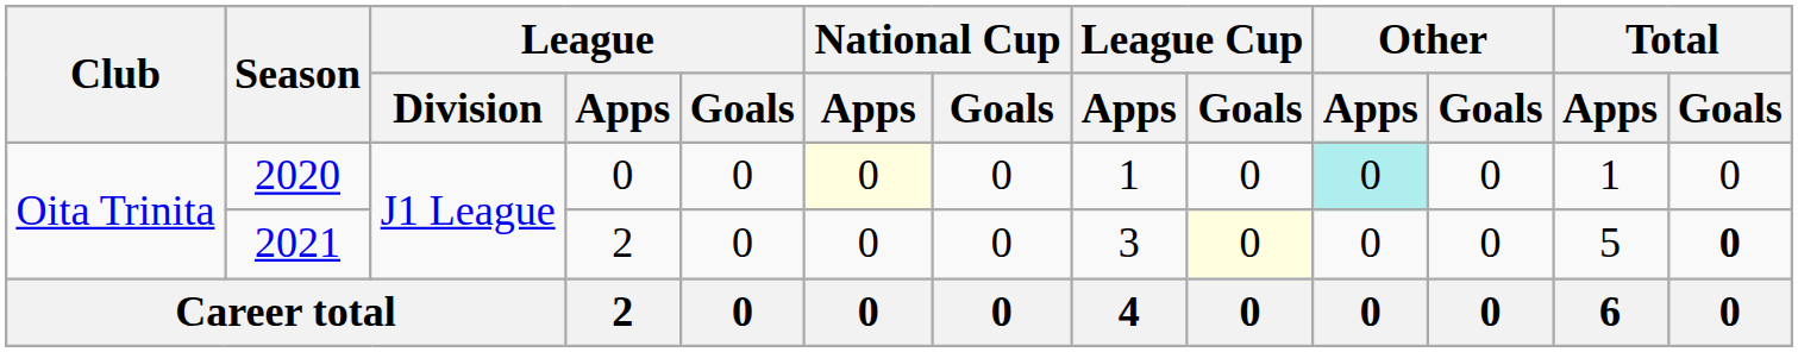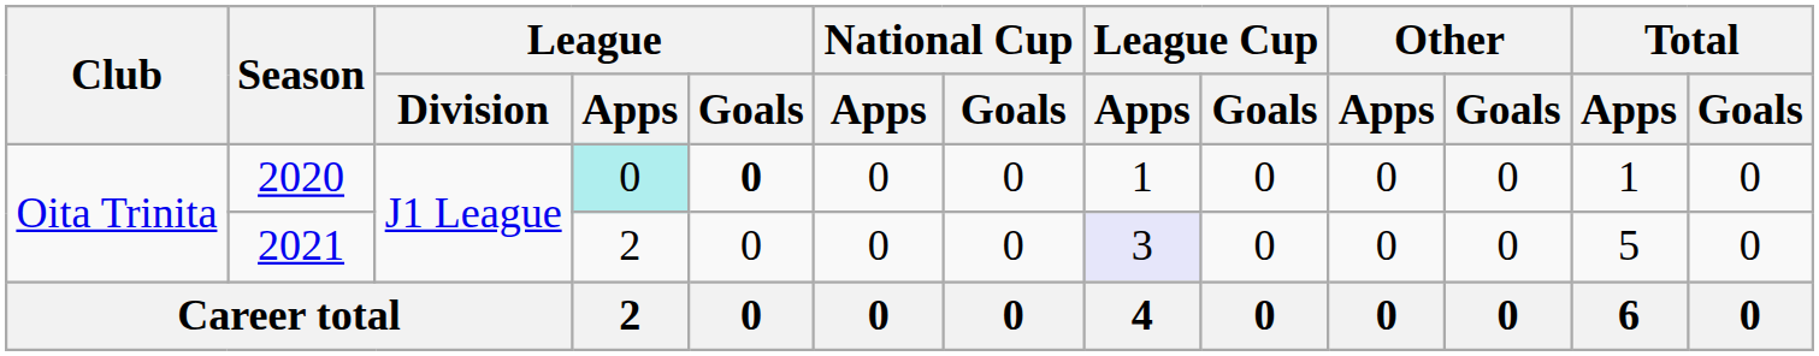 <table class="wikitable" style="text-align: center">
 <tr>
 <th rowspan="2">Club</th>
 <th rowspan="2">Season</th>
 <th colspan="3">League</th>
 <th colspan="2">National Cup</th>
 <th colspan="2">League Cup</th>
 <th colspan="2">Other</th>
 <th colspan="2">Total</th>
 </tr>
 <tr>
 <th>Division</th>
 <th>Apps</th>
 <th>Goals</th>
 <th>Apps</th>
 <th>Goals</th>
 <th>Apps</th>
 <th>Goals</th>
 <th>Apps</th>
 <th>Goals</th>
 <th>Apps</th>
 <th>Goals</th>
 </tr>
 <tr>
 <td rowspan="2"><a href='#'>Oita Trinita</a></td>
 <td><a href='#'>2020</a></td>
 <td rowspan="2"><a href='#'>J1 League</a></td>
+<td style="background: paleturquoise;">0</td>
+<td><strong>0</strong></td>
 <td>0</td>
-<td>0</td>
-<td style="background: lightyellow;">0</td>
 <td>0</td>
 <td>1</td>
 <td>0</td>
-<td style="background: paleturquoise;">0</td>
+<td>0</td>
 <td>0</td>
 <td>1</td>
 <td>0</td>
 </tr>
 <tr>
 <td><a href='#'>2021</a></td>
 <td>2</td>
 <td>0</td>
 <td>0</td>
 <td>0</td>
-<td>3</td>
-<td style="background: lightyellow;">0</td>
+<td style="background: lavender;">3</td>
+<td>0</td>
 <td>0</td>
 <td>0</td>
 <td>5</td>
-<td><strong>0</strong></td>
+<td>0</td>
 </tr>
 <tr>
 <th colspan=3>Career total</th>
 <th>2</th>
 <th>0</th>
 <th>0</th>
 <th>0</th>
 <th>4</th>
 <th>0</th>
 <th>0</th>
 <th>0</th>
 <th>6</th>
 <th>0</th>
 </tr>
 </table>
